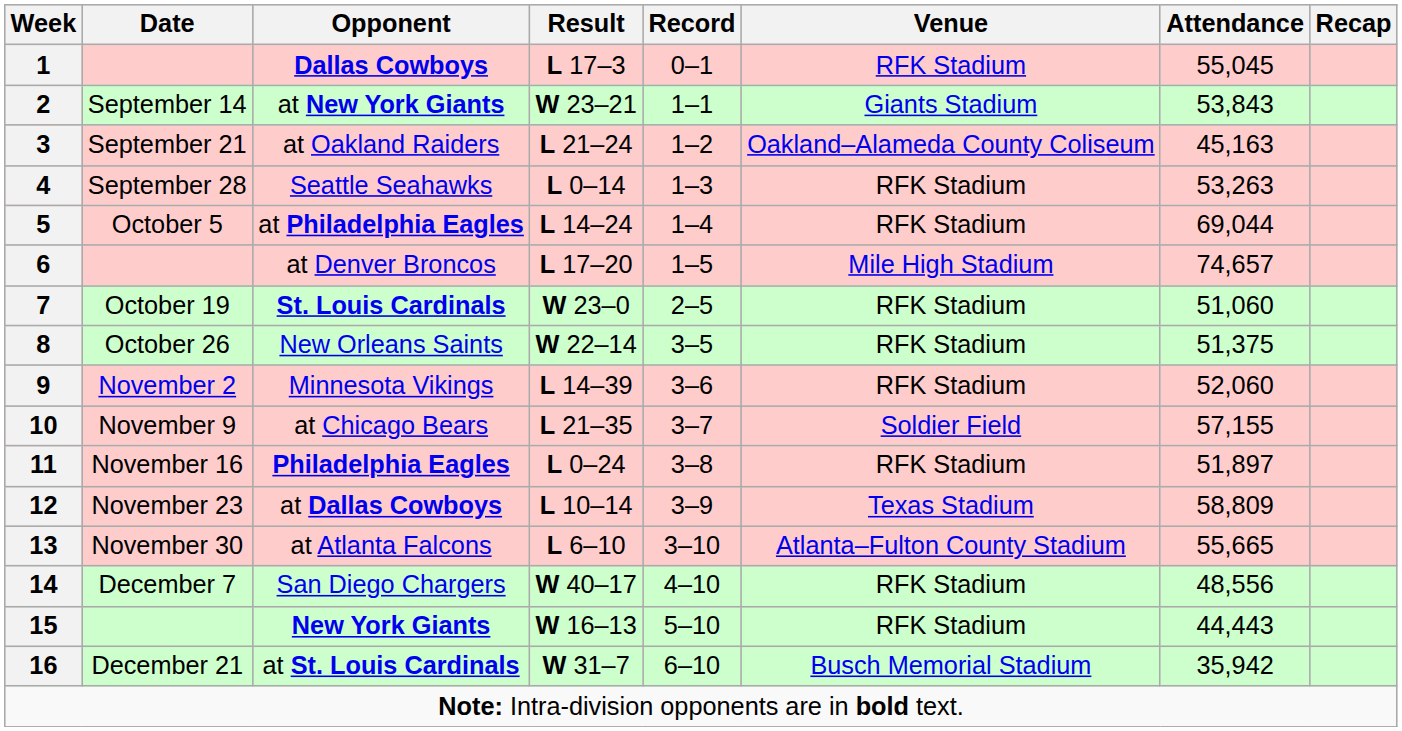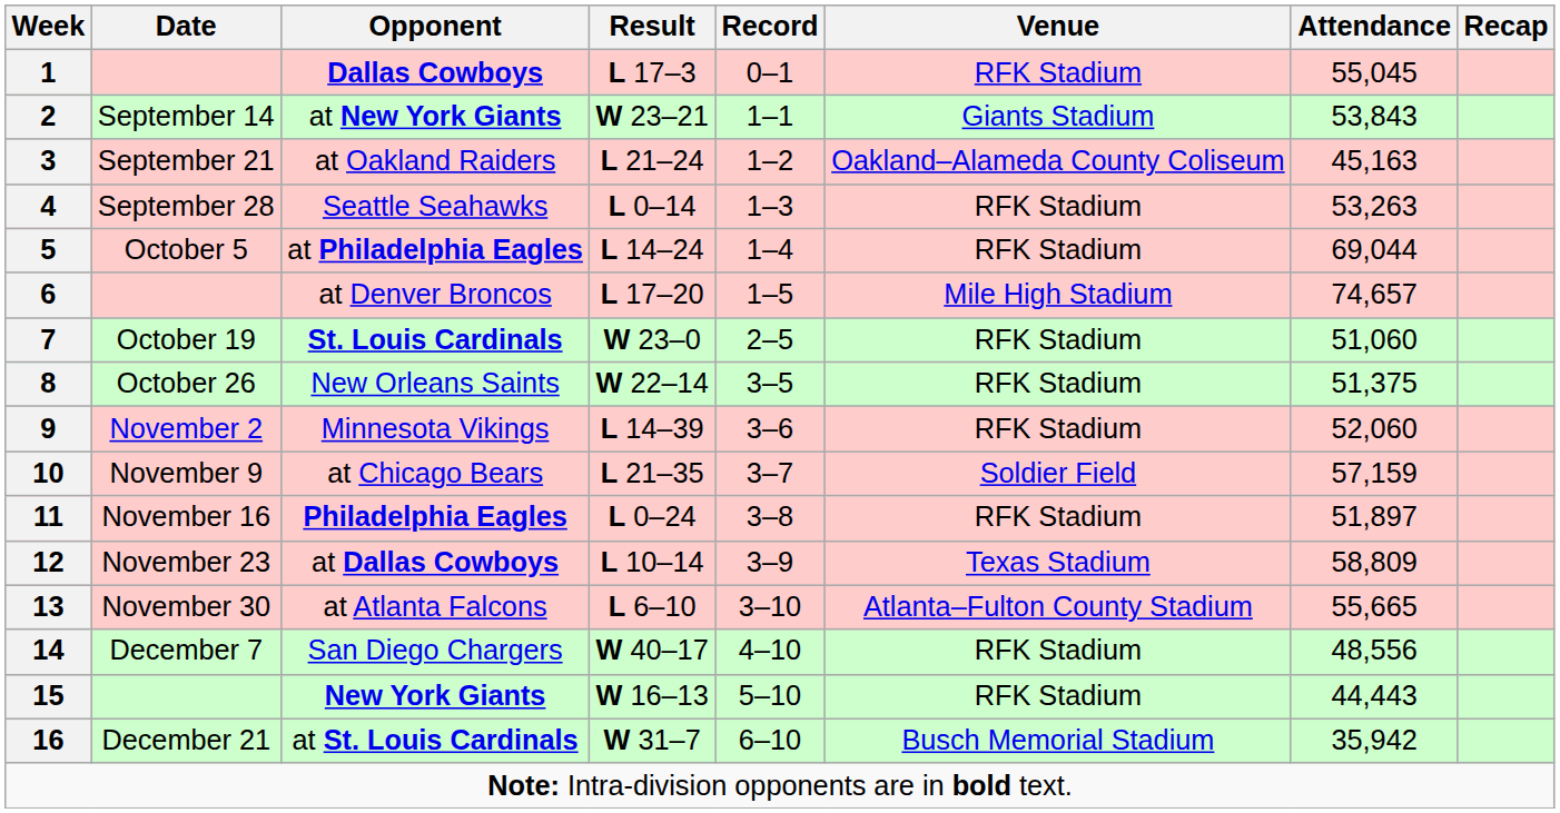 <table class="wikitable" style="text-align:center">
 <tr>
 <th>Week</th>
 <th>Date</th>
 <th>Opponent</th>
 <th>Result</th>
 <th>Record</th>
 <th>Venue</th>
 <th>Attendance</th>
 <th>Recap</th>
 </tr>
 <tr style="background:#fcc">
 <th>1</th>
 <td></td>
 <td><strong><a href='#'>Dallas Cowboys</a></strong></td>
 <td><strong>L</strong> 17–3</td>
 <td>0–1</td>
 <td><a href='#'>RFK Stadium</a></td>
 <td>55,045</td>
 <td></td>
 </tr>
 <tr style="background:#cfc">
 <th>2</th>
 <td>September 14</td>
 <td>at <strong><a href='#'>New York Giants</a></strong></td>
 <td><strong>W</strong> 23–21</td>
 <td>1–1</td>
 <td><a href='#'>Giants Stadium</a></td>
 <td>53,843</td>
 <td></td>
 </tr>
 <tr style="background:#fcc">
 <th>3</th>
 <td>September 21</td>
 <td>at <a href='#'>Oakland Raiders</a></td>
 <td><strong>L</strong> 21–24</td>
 <td>1–2</td>
 <td><a href='#'>Oakland–Alameda County Coliseum</a></td>
 <td>45,163</td>
 <td></td>
 </tr>
 <tr style="background:#fcc">
 <th>4</th>
 <td>September 28</td>
 <td><a href='#'>Seattle Seahawks</a></td>
 <td><strong>L</strong> 0–14</td>
 <td>1–3</td>
 <td>RFK Stadium</td>
 <td>53,263</td>
 <td></td>
 </tr>
 <tr style="background:#fcc">
 <th>5</th>
 <td>October 5</td>
 <td>at <strong><a href='#'>Philadelphia Eagles</a></strong></td>
 <td><strong>L</strong> 14–24</td>
 <td>1–4</td>
 <td>RFK Stadium</td>
 <td>69,044</td>
 <td></td>
 </tr>
 <tr style="background:#fcc">
 <th>6</th>
 <td></td>
 <td>at <a href='#'>Denver Broncos</a></td>
 <td><strong>L</strong> 17–20</td>
 <td>1–5</td>
 <td><a href='#'>Mile High Stadium</a></td>
 <td>74,657</td>
 <td></td>
 </tr>
 <tr style="background:#cfc">
 <th>7</th>
 <td>October 19</td>
 <td><strong><a href='#'>St. Louis Cardinals</a></strong></td>
 <td><strong>W</strong> 23–0</td>
 <td>2–5</td>
 <td>RFK Stadium</td>
 <td>51,060</td>
 <td></td>
 </tr>
 <tr style="background:#cfc">
 <th>8</th>
 <td>October 26</td>
 <td><a href='#'>New Orleans Saints</a></td>
 <td><strong>W</strong> 22–14</td>
 <td>3–5</td>
 <td>RFK Stadium</td>
 <td>51,375</td>
 <td></td>
 </tr>
 <tr style="background:#fcc">
 <th>9</th>
 <td><a href='#'>November 2</a></td>
 <td><a href='#'>Minnesota Vikings</a></td>
 <td><strong>L</strong> 14–39</td>
 <td>3–6</td>
 <td>RFK Stadium</td>
 <td>52,060</td>
 <td></td>
 </tr>
 <tr style="background:#fcc">
 <th>10</th>
 <td>November 9</td>
 <td>at <a href='#'>Chicago Bears</a></td>
 <td><strong>L</strong> 21–35</td>
 <td>3–7</td>
 <td><a href='#'>Soldier Field</a></td>
-<td>57,155</td>
+<td>57,159</td>
 <td></td>
 </tr>
 <tr style="background:#fcc">
 <th>11</th>
 <td>November 16</td>
 <td><strong><a href='#'>Philadelphia Eagles</a></strong></td>
 <td><strong>L</strong> 0–24</td>
 <td>3–8</td>
 <td>RFK Stadium</td>
 <td>51,897</td>
 <td></td>
 </tr>
 <tr style="background:#fcc">
 <th>12</th>
 <td>November 23</td>
 <td>at <strong><a href='#'>Dallas Cowboys</a></strong></td>
 <td><strong>L</strong> 10–14</td>
 <td>3–9</td>
 <td><a href='#'>Texas Stadium</a></td>
 <td>58,809</td>
 <td></td>
 </tr>
 <tr style="background:#fcc">
 <th>13</th>
 <td>November 30</td>
 <td>at <a href='#'>Atlanta Falcons</a></td>
 <td><strong>L</strong> 6–10</td>
 <td>3–10</td>
 <td><a href='#'>Atlanta–Fulton County Stadium</a></td>
 <td>55,665</td>
 <td></td>
 </tr>
 <tr style="background:#cfc">
 <th>14</th>
 <td>December 7</td>
 <td><a href='#'>San Diego Chargers</a></td>
 <td><strong>W</strong> 40–17</td>
 <td>4–10</td>
 <td>RFK Stadium</td>
 <td>48,556</td>
 <td></td>
 </tr>
 <tr style="background:#cfc">
 <th>15</th>
 <td></td>
 <td><strong><a href='#'>New York Giants</a></strong></td>
 <td><strong>W</strong> 16–13</td>
 <td>5–10</td>
 <td>RFK Stadium</td>
 <td>44,443</td>
 <td></td>
 </tr>
 <tr style="background:#cfc">
 <th>16</th>
 <td>December 21</td>
 <td>at <strong><a href='#'>St. Louis Cardinals</a></strong></td>
 <td><strong>W</strong> 31–7</td>
 <td>6–10</td>
 <td><a href='#'>Busch Memorial Stadium</a></td>
 <td>35,942</td>
 <td></td>
 </tr>
 <tr>
 <td colspan="8"><strong>Note:</strong> Intra-division opponents are in <strong>bold</strong> text.</td>
 </tr>
 </table>
